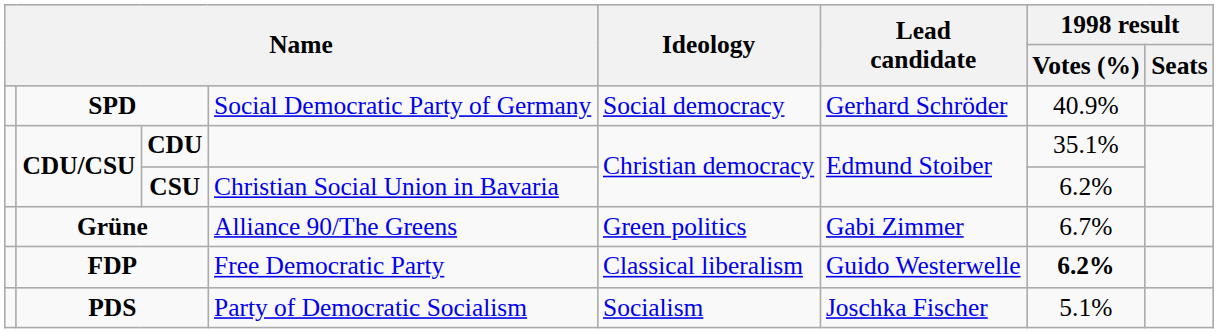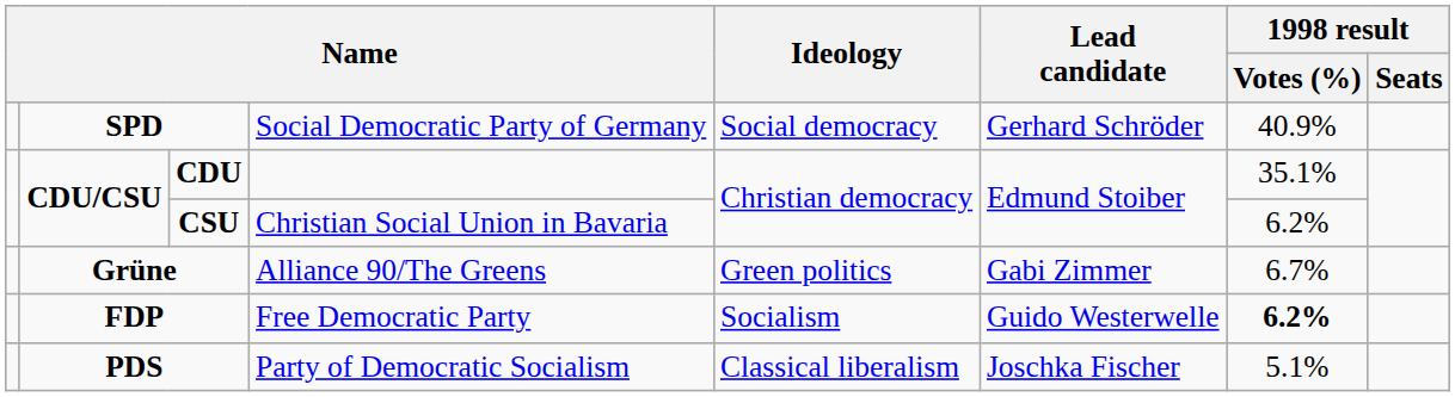 <table class="wikitable">
 <tr>
 <th colspan="4" rowspan="2">Name</th>
 <th rowspan="2">Ideology</th>
 <th rowspan="2">Lead<br>candidate</th>
 <th colspan="2">1998 result</th>
 </tr>
 <tr>
 <th>Votes (%)</th>
 <th>Seats</th>
 </tr>
 <tr>
 <td style="background:"></td>
 <td colspan="2" style="text-align:center;"><strong>SPD</strong></td>
 <td><a href='#'>Social Democratic Party of Germany</a><br></td>
 <td><a href='#'>Social democracy</a></td>
 <td><a href='#'>Gerhard Schröder</a></td>
 <td style="text-align:center;">40.9%</td>
 <td></td>
 </tr>
 <tr>
 <td rowspan="2" style="background:"></td>
 <td rowspan="2" style="text-align:center;"><strong>CDU/CSU</strong></td>
 <td style="text-align:center;"><strong>CDU</strong></td>
 <td></td>
 <td rowspan="2"><a href='#'>Christian democracy</a></td>
 <td rowspan="2"><a href='#'>Edmund Stoiber</a></td>
 <td style="text-align:center;">35.1%</td>
 <td rowspan="2"></td>
 </tr>
 <tr>
 <td style="text-align:center;"><strong>CSU</strong></td>
 <td><a href='#'>Christian Social Union in Bavaria</a><br></td>
 <td style="text-align:center;">6.2%</td>
 </tr>
 <tr>
 <td style="background:"></td>
 <td colspan="2" style="text-align:center;"><strong>Grüne</strong></td>
 <td><a href='#'>Alliance 90/The Greens</a><br></td>
 <td><a href='#'>Green politics</a></td>
 <td><a href='#'>Gabi Zimmer</a></td>
 <td style="text-align:center;">6.7%</td>
 <td></td>
 </tr>
 <tr>
 <td style="background:"></td>
 <td colspan="2" style="text-align:center;"><strong>FDP</strong></td>
 <td><a href='#'>Free Democratic Party</a><br></td>
-<td><a href='#'>Classical liberalism</a></td>
+<td><a href='#'>Socialism</a></td>
 <td><a href='#'>Guido Westerwelle</a></td>
 <td style="text-align:center;"><strong>6.2%</strong></td>
 <td></td>
 </tr>
 <tr>
 <td style="background:"></td>
 <td colspan="2" style="text-align:center;"><strong>PDS</strong></td>
 <td><a href='#'>Party of Democratic Socialism</a><br></td>
-<td><a href='#'>Socialism</a></td>
+<td><a href='#'>Classical liberalism</a></td>
 <td><a href='#'>Joschka Fischer</a></td>
 <td style="text-align:center;">5.1%</td>
 <td></td>
 </tr>
 </table>
